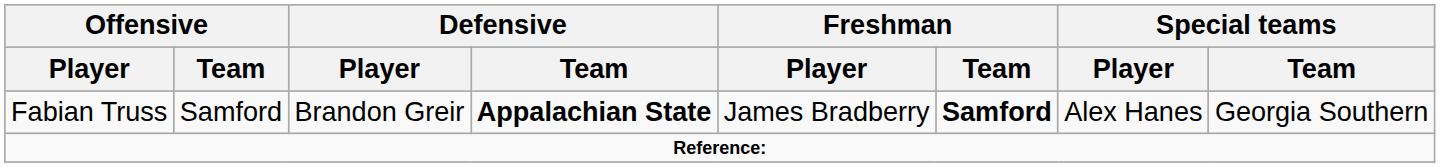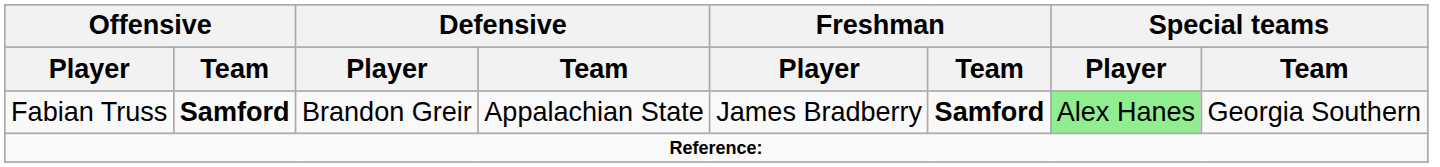 <table class="wikitable" border="1">
 <tr>
 <th colspan="2">Offensive</th>
 <th colspan="2">Defensive</th>
 <th colspan="2">Freshman</th>
 <th colspan="2">Special teams</th>
 </tr>
 <tr>
 <th>Player</th>
 <th>Team</th>
 <th>Player</th>
 <th>Team</th>
 <th>Player</th>
 <th>Team</th>
 <th>Player</th>
 <th>Team</th>
 </tr>
 <tr>
 <td>Fabian Truss</td>
-<td>Samford</td>
+<td><strong>Samford</strong></td>
 <td>Brandon Greir</td>
-<td><strong>Appalachian State</strong></td>
+<td>Appalachian State</td>
 <td>James Bradberry</td>
 <td><strong>Samford</strong></td>
-<td>Alex Hanes</td>
+<td style="background: lightgreen;">Alex Hanes</td>
 <td>Georgia Southern</td>
 </tr>
 <tr>
 <td colspan="8" style="font-size: 8pt" align="center"><strong>Reference:</strong></td>
 </tr>
 </table>
